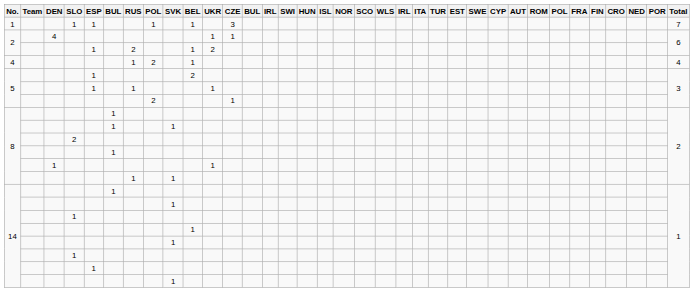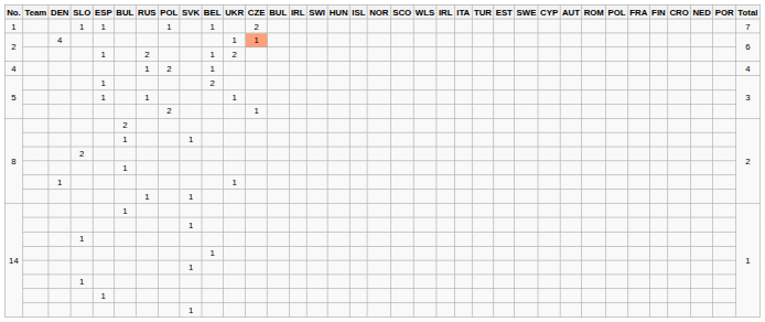 <table class=wikitable style="font-size:80%; text-align:center">
 <tr>
 <th>No.</th>
 <th>Team</th>
 <th>DEN</th>
 <th>SLO</th>
 <th>ESP</th>
 <th>BUL</th>
 <th>RUS</th>
 <th>POL</th>
 <th>SVK</th>
 <th>BEL</th>
 <th>UKR</th>
 <th>CZE</th>
 <th>BUL</th>
 <th>IRL</th>
 <th>SWI</th>
 <th>HUN</th>
 <th>ISL</th>
 <th>NOR</th>
 <th>SCO</th>
 <th>WLS</th>
 <th>IRL</th>
 <th>ITA</th>
 <th>TUR</th>
 <th>EST</th>
 <th>SWE</th>
 <th>CYP</th>
 <th>AUT</th>
 <th>ROM</th>
 <th>POL</th>
 <th>FRA</th>
 <th>FIN</th>
 <th>CRO</th>
 <th>NED</th>
 <th>POR</th>
 <th>Total</th>
 </tr>
 <tr>
 <td>1</td>
 <td align=left></td>
 <td></td>
 <td>1</td>
 <td>1</td>
 <td></td>
 <td></td>
 <td>1</td>
 <td></td>
 <td>1</td>
 <td></td>
-<td>3</td>
+<td>2</td>
 <td></td>
 <td></td>
 <td></td>
 <td></td>
 <td></td>
 <td></td>
 <td></td>
 <td></td>
 <td></td>
 <td></td>
 <td></td>
 <td></td>
 <td></td>
 <td></td>
 <td></td>
 <td></td>
 <td></td>
 <td></td>
 <td></td>
 <td></td>
 <td></td>
 <td></td>
 <td>7</td>
 </tr>
 <tr>
 <td rowspan=2>2</td>
 <td align=left></td>
 <td>4</td>
 <td></td>
 <td></td>
 <td></td>
 <td></td>
 <td></td>
 <td></td>
 <td></td>
 <td>1</td>
-<td>1</td>
+<td style="background: lightsalmon;">1</td>
 <td></td>
 <td></td>
 <td></td>
 <td></td>
 <td></td>
 <td></td>
 <td></td>
 <td></td>
 <td></td>
 <td></td>
 <td></td>
 <td></td>
 <td></td>
 <td></td>
 <td></td>
 <td></td>
 <td></td>
 <td></td>
 <td></td>
 <td></td>
 <td></td>
 <td></td>
 <td rowspan=2>6</td>
 </tr>
 <tr>
 <td align=left></td>
 <td></td>
 <td></td>
 <td>1</td>
 <td></td>
 <td>2</td>
 <td></td>
 <td></td>
 <td>1</td>
 <td>2</td>
 <td></td>
 <td></td>
 <td></td>
 <td></td>
 <td></td>
 <td></td>
 <td></td>
 <td></td>
 <td></td>
 <td></td>
 <td></td>
 <td></td>
 <td></td>
 <td></td>
 <td></td>
 <td></td>
 <td></td>
 <td></td>
 <td></td>
 <td></td>
 <td></td>
 <td></td>
 <td></td>
 </tr>
 <tr>
 <td>4</td>
 <td align=left></td>
 <td></td>
 <td></td>
 <td></td>
 <td></td>
 <td>1</td>
 <td>2</td>
 <td></td>
 <td>1</td>
 <td></td>
 <td></td>
 <td></td>
 <td></td>
 <td></td>
 <td></td>
 <td></td>
 <td></td>
 <td></td>
 <td></td>
 <td></td>
 <td></td>
 <td></td>
 <td></td>
 <td></td>
 <td></td>
 <td></td>
 <td></td>
 <td></td>
 <td></td>
 <td></td>
 <td></td>
 <td></td>
 <td></td>
 <td>4</td>
 </tr>
 <tr>
 <td rowspan=3>5</td>
 <td align=left></td>
 <td></td>
 <td></td>
 <td>1</td>
 <td></td>
 <td></td>
 <td></td>
 <td></td>
 <td>2</td>
 <td></td>
 <td></td>
 <td></td>
 <td></td>
 <td></td>
 <td></td>
 <td></td>
 <td></td>
 <td></td>
 <td></td>
 <td></td>
 <td></td>
 <td></td>
 <td></td>
 <td></td>
 <td></td>
 <td></td>
 <td></td>
 <td></td>
 <td></td>
 <td></td>
 <td></td>
 <td></td>
 <td></td>
 <td rowspan=3>3</td>
 </tr>
 <tr>
 <td align=left></td>
 <td></td>
 <td></td>
 <td>1</td>
 <td></td>
 <td>1</td>
 <td></td>
 <td></td>
 <td></td>
 <td>1</td>
 <td></td>
 <td></td>
 <td></td>
 <td></td>
 <td></td>
 <td></td>
 <td></td>
 <td></td>
 <td></td>
 <td></td>
 <td></td>
 <td></td>
 <td></td>
 <td></td>
 <td></td>
 <td></td>
 <td></td>
 <td></td>
 <td></td>
 <td></td>
 <td></td>
 <td></td>
 <td></td>
 </tr>
 <tr>
 <td align=left></td>
 <td></td>
 <td></td>
 <td></td>
 <td></td>
 <td></td>
 <td>2</td>
 <td></td>
 <td></td>
 <td></td>
 <td>1</td>
 <td></td>
 <td></td>
 <td></td>
 <td></td>
 <td></td>
 <td></td>
 <td></td>
 <td></td>
 <td></td>
 <td></td>
 <td></td>
 <td></td>
 <td></td>
 <td></td>
 <td></td>
 <td></td>
 <td></td>
 <td></td>
 <td></td>
 <td></td>
 <td></td>
 <td></td>
 </tr>
 <tr>
 <td rowspan=6>8</td>
 <td align=left></td>
 <td></td>
 <td></td>
 <td></td>
-<td>1</td>
+<td>2</td>
 <td></td>
 <td></td>
 <td></td>
 <td></td>
 <td></td>
 <td></td>
 <td></td>
 <td></td>
 <td></td>
 <td></td>
 <td></td>
 <td></td>
 <td></td>
 <td></td>
 <td></td>
 <td></td>
 <td></td>
 <td></td>
 <td></td>
 <td></td>
 <td></td>
 <td></td>
 <td></td>
 <td></td>
 <td></td>
 <td></td>
 <td></td>
 <td></td>
 <td rowspan=6>2</td>
 </tr>
 <tr>
 <td align=left></td>
 <td></td>
 <td></td>
 <td></td>
 <td>1</td>
 <td></td>
 <td></td>
 <td>1</td>
 <td></td>
 <td></td>
 <td></td>
 <td></td>
 <td></td>
 <td></td>
 <td></td>
 <td></td>
 <td></td>
 <td></td>
 <td></td>
 <td></td>
 <td></td>
 <td></td>
 <td></td>
 <td></td>
 <td></td>
 <td></td>
 <td></td>
 <td></td>
 <td></td>
 <td></td>
 <td></td>
 <td></td>
 <td></td>
 </tr>
 <tr>
 <td align=left></td>
 <td></td>
 <td>2</td>
 <td></td>
 <td></td>
 <td></td>
 <td></td>
 <td></td>
 <td></td>
 <td></td>
 <td></td>
 <td></td>
 <td></td>
 <td></td>
 <td></td>
 <td></td>
 <td></td>
 <td></td>
 <td></td>
 <td></td>
 <td></td>
 <td></td>
 <td></td>
 <td></td>
 <td></td>
 <td></td>
 <td></td>
 <td></td>
 <td></td>
 <td></td>
 <td></td>
 <td></td>
 <td></td>
 </tr>
 <tr>
 <td align=left></td>
 <td></td>
 <td></td>
 <td></td>
 <td>1</td>
 <td></td>
 <td></td>
 <td></td>
 <td></td>
 <td></td>
 <td></td>
 <td></td>
 <td></td>
 <td></td>
 <td></td>
 <td></td>
 <td></td>
 <td></td>
 <td></td>
 <td></td>
 <td></td>
 <td></td>
 <td></td>
 <td></td>
 <td></td>
 <td></td>
 <td></td>
 <td></td>
 <td></td>
 <td></td>
 <td></td>
 <td></td>
 <td></td>
 </tr>
 <tr>
 <td align=left></td>
 <td>1</td>
 <td></td>
 <td></td>
 <td></td>
 <td></td>
 <td></td>
 <td></td>
 <td></td>
 <td>1</td>
 <td></td>
 <td></td>
 <td></td>
 <td></td>
 <td></td>
 <td></td>
 <td></td>
 <td></td>
 <td></td>
 <td></td>
 <td></td>
 <td></td>
 <td></td>
 <td></td>
 <td></td>
 <td></td>
 <td></td>
 <td></td>
 <td></td>
 <td></td>
 <td></td>
 <td></td>
 <td></td>
 </tr>
 <tr>
 <td align=left></td>
 <td></td>
 <td></td>
 <td></td>
 <td></td>
 <td>1</td>
 <td></td>
 <td>1</td>
 <td></td>
 <td></td>
 <td></td>
 <td></td>
 <td></td>
 <td></td>
 <td></td>
 <td></td>
 <td></td>
 <td></td>
 <td></td>
 <td></td>
 <td></td>
 <td></td>
 <td></td>
 <td></td>
 <td></td>
 <td></td>
 <td></td>
 <td></td>
 <td></td>
 <td></td>
 <td></td>
 <td></td>
 <td></td>
 </tr>
 <tr>
 <td rowspan=8>14</td>
 <td align=left></td>
 <td></td>
 <td></td>
 <td></td>
 <td>1</td>
 <td></td>
 <td></td>
 <td></td>
 <td></td>
 <td></td>
 <td></td>
 <td></td>
 <td></td>
 <td></td>
 <td></td>
 <td></td>
 <td></td>
 <td></td>
 <td></td>
 <td></td>
 <td></td>
 <td></td>
 <td></td>
 <td></td>
 <td></td>
 <td></td>
 <td></td>
 <td></td>
 <td></td>
 <td></td>
 <td></td>
 <td></td>
 <td></td>
 <td rowspan=8>1</td>
 </tr>
 <tr>
 <td align=left></td>
 <td></td>
 <td></td>
 <td></td>
 <td></td>
 <td></td>
 <td></td>
 <td>1</td>
 <td></td>
 <td></td>
 <td></td>
 <td></td>
 <td></td>
 <td></td>
 <td></td>
 <td></td>
 <td></td>
 <td></td>
 <td></td>
 <td></td>
 <td></td>
 <td></td>
 <td></td>
 <td></td>
 <td></td>
 <td></td>
 <td></td>
 <td></td>
 <td></td>
 <td></td>
 <td></td>
 <td></td>
 <td></td>
 </tr>
 <tr>
 <td align=left></td>
 <td></td>
 <td>1</td>
 <td></td>
 <td></td>
 <td></td>
 <td></td>
 <td></td>
 <td></td>
 <td></td>
 <td></td>
 <td></td>
 <td></td>
 <td></td>
 <td></td>
 <td></td>
 <td></td>
 <td></td>
 <td></td>
 <td></td>
 <td></td>
 <td></td>
 <td></td>
 <td></td>
 <td></td>
 <td></td>
 <td></td>
 <td></td>
 <td></td>
 <td></td>
 <td></td>
 <td></td>
 <td></td>
 </tr>
 <tr>
 <td align=left></td>
 <td></td>
 <td></td>
 <td></td>
 <td></td>
 <td></td>
 <td></td>
 <td></td>
 <td>1</td>
 <td></td>
 <td></td>
 <td></td>
 <td></td>
 <td></td>
 <td></td>
 <td></td>
 <td></td>
 <td></td>
 <td></td>
 <td></td>
 <td></td>
 <td></td>
 <td></td>
 <td></td>
 <td></td>
 <td></td>
 <td></td>
 <td></td>
 <td></td>
 <td></td>
 <td></td>
 <td></td>
 <td></td>
 </tr>
 <tr>
 <td align=left></td>
 <td></td>
 <td></td>
 <td></td>
 <td></td>
 <td></td>
 <td></td>
 <td>1</td>
 <td></td>
 <td></td>
 <td></td>
 <td></td>
 <td></td>
 <td></td>
 <td></td>
 <td></td>
 <td></td>
 <td></td>
 <td></td>
 <td></td>
 <td></td>
 <td></td>
 <td></td>
 <td></td>
 <td></td>
 <td></td>
 <td></td>
 <td></td>
 <td></td>
 <td></td>
 <td></td>
 <td></td>
 <td></td>
 </tr>
 <tr>
 <td align=left></td>
 <td></td>
 <td>1</td>
 <td></td>
 <td></td>
 <td></td>
 <td></td>
 <td></td>
 <td></td>
 <td></td>
 <td></td>
 <td></td>
 <td></td>
 <td></td>
 <td></td>
 <td></td>
 <td></td>
 <td></td>
 <td></td>
 <td></td>
 <td></td>
 <td></td>
 <td></td>
 <td></td>
 <td></td>
 <td></td>
 <td></td>
 <td></td>
 <td></td>
 <td></td>
 <td></td>
 <td></td>
 <td></td>
 </tr>
 <tr>
 <td align=left></td>
 <td></td>
 <td></td>
 <td>1</td>
 <td></td>
 <td></td>
 <td></td>
 <td></td>
 <td></td>
 <td></td>
 <td></td>
 <td></td>
 <td></td>
 <td></td>
 <td></td>
 <td></td>
 <td></td>
 <td></td>
 <td></td>
 <td></td>
 <td></td>
 <td></td>
 <td></td>
 <td></td>
 <td></td>
 <td></td>
 <td></td>
 <td></td>
 <td></td>
 <td></td>
 <td></td>
 <td></td>
 <td></td>
 </tr>
 <tr>
 <td align=left></td>
 <td></td>
 <td></td>
 <td></td>
 <td></td>
 <td></td>
 <td></td>
 <td>1</td>
 <td></td>
 <td></td>
 <td></td>
 <td></td>
 <td></td>
 <td></td>
 <td></td>
 <td></td>
 <td></td>
 <td></td>
 <td></td>
 <td></td>
 <td></td>
 <td></td>
 <td></td>
 <td></td>
 <td></td>
 <td></td>
 <td></td>
 <td></td>
 <td></td>
 <td></td>
 <td></td>
 <td></td>
 <td></td>
 </tr>
 </table>
